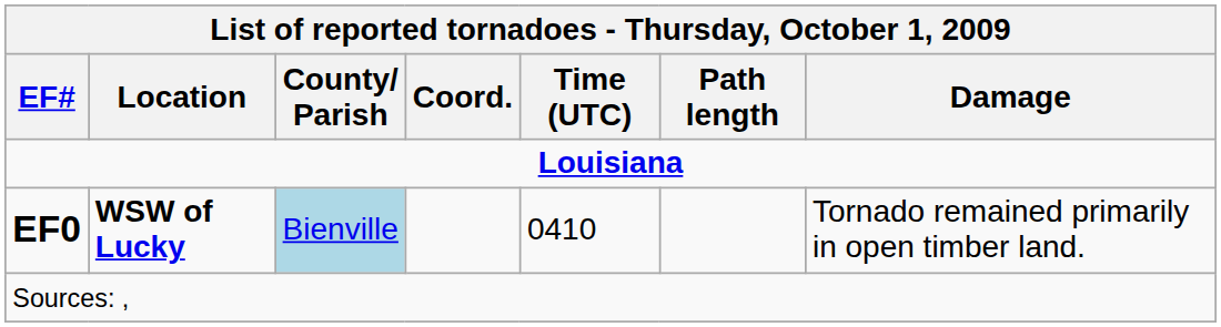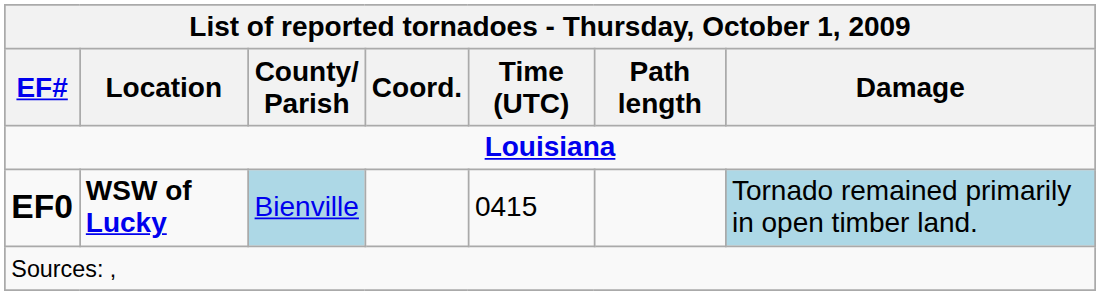 <table class="wikitable collapsible" width="100%">
 <tr>
 <th colspan="7">List of reported tornadoes - Thursday, October 1, 2009</th>
 </tr>
 <tr>
 <th><a href='#'>EF#</a></th>
 <th>Location</th>
 <th>County/<br>Parish</th>
 <th>Coord.</th>
 <th>Time (UTC)</th>
 <th>Path length</th>
 <th>Damage</th>
 </tr>
 <tr>
 <td colspan="7" align=center><strong><a href='#'>Louisiana</a></strong></td>
 </tr>
 <tr>
 <td><big><strong>EF0</strong></big></td>
 <td><strong>WSW of <a href='#'>Lucky</a></strong></td>
 <td style="background: lightblue;"><a href='#'>Bienville</a></td>
 <td></td>
-<td>0410</td>
+<td>0415</td>
 <td></td>
-<td>Tornado remained primarily in open timber land.</td>
+<td style="background: lightblue;">Tornado remained primarily in open timber land.</td>
 </tr>
 <tr>
 <td colspan="7"><small>Sources: , </small></td>
 </tr>
 </table>
